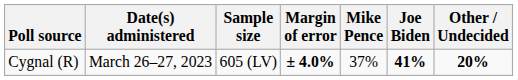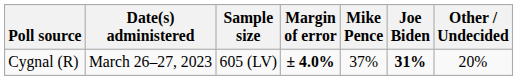 <table class="wikitable sortable mw-datatable" style="font-size:90%;text-align:center;line-height:17px">
 <tr valign=bottom>
 <th>Poll source</th>
 <th>Date(s)<br>administered</th>
 <th>Sample<br>size</th>
 <th>Margin<br>of error</th>
 <th class="unsortable">Mike<br>Pence<br></th>
 <th class="unsortable">Joe<br>Biden<br></th>
 <th class="unsortable">Other /<br>Undecided</th>
 </tr>
 <tr>
 <td style="text-align:left;">Cygnal (R)</td>
 <td data-sort-value="2023-03-27">March 26–27, 2023</td>
 <td>605 (LV)</td>
 <td><strong>± 4.0%</strong></td>
 <td>37%</td>
-<td style="color:black;background-color:"><strong>41%</strong></td>
-<td><strong>20%</strong></td>
+<td style="color:black;background-color:"><strong>31%</strong></td>
+<td>20%</td>
 </tr>
 </table>
